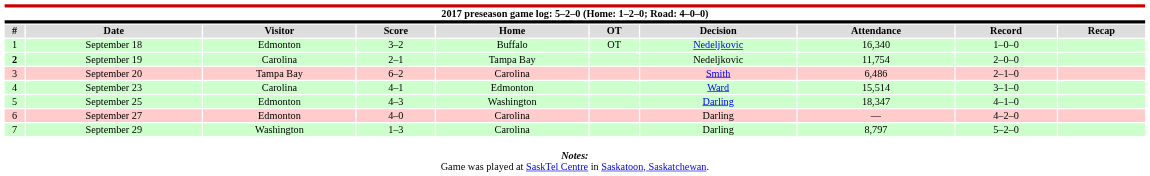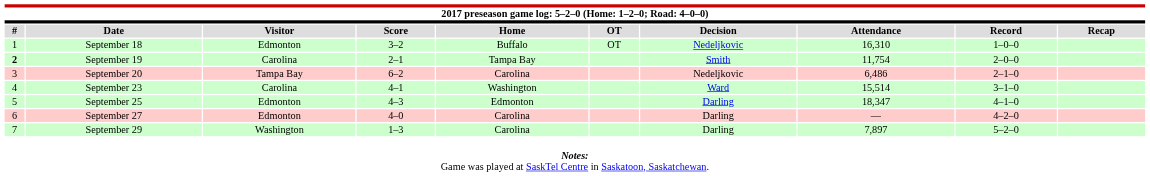 <table class="toccolours collapsible collapsed" style="width:90%; clear:both; margin:1.5em auto; text-align:center;">
 <tr>
 <th colspan=10 style="background:#FFFFFF; border-top:#CC0000 5px solid; border-bottom:#000000 5px solid;">2017 preseason game log: 5–2–0 (Home: 1–2–0; Road: 4–0–0)</th>
 </tr>
 <tr style="background:#ddd;">
 <th>#</th>
 <th>Date</th>
 <th>Visitor</th>
 <th>Score</th>
 <th>Home</th>
 <th>OT</th>
 <th>Decision</th>
 <th>Attendance</th>
 <th>Record</th>
 <th>Recap</th>
 </tr>
 <tr style="background:#cfc;">
 <td>1</td>
 <td>September 18</td>
 <td>Edmonton</td>
 <td>3–2</td>
 <td>Buffalo</td>
 <td>OT</td>
 <td><a href='#'>Nedeljkovic</a></td>
-<td>16,340</td>
+<td>16,310</td>
 <td>1–0–0</td>
 <td></td>
 </tr>
 <tr style="background:#cfc;">
 <td><strong>2</strong></td>
 <td>September 19</td>
 <td>Carolina</td>
 <td>2–1</td>
 <td>Tampa Bay</td>
 <td></td>
-<td>Nedeljkovic</td>
+<td><a href='#'>Smith</a></td>
 <td>11,754</td>
 <td>2–0–0</td>
 <td></td>
 </tr>
 <tr style="background:#fcc;">
 <td>3</td>
 <td>September 20</td>
 <td>Tampa Bay</td>
 <td>6–2</td>
 <td>Carolina</td>
 <td></td>
-<td><a href='#'>Smith</a></td>
+<td>Nedeljkovic</td>
 <td>6,486</td>
 <td>2–1–0</td>
 <td></td>
 </tr>
 <tr style="background:#cfc;">
 <td>4</td>
 <td>September 23</td>
 <td>Carolina</td>
 <td>4–1</td>
-<td>Edmonton</td>
+<td>Washington</td>
 <td></td>
 <td><a href='#'>Ward</a></td>
 <td>15,514</td>
 <td>3–1–0</td>
 <td></td>
 </tr>
 <tr style="background:#cfc;">
 <td>5</td>
 <td>September 25</td>
 <td>Edmonton</td>
 <td>4–3</td>
-<td>Washington</td>
+<td>Edmonton</td>
 <td></td>
 <td><a href='#'>Darling</a></td>
 <td>18,347</td>
 <td>4–1–0</td>
 <td></td>
 </tr>
 <tr style="background:#fcc;">
 <td>6</td>
 <td>September 27</td>
 <td>Edmonton</td>
 <td>4–0</td>
 <td>Carolina</td>
 <td></td>
 <td>Darling</td>
 <td>—</td>
 <td>4–2–0</td>
 <td></td>
 </tr>
 <tr style="background:#cfc;">
 <td>7</td>
 <td>September 29</td>
 <td>Washington</td>
 <td>1–3</td>
 <td>Carolina</td>
 <td></td>
 <td>Darling</td>
-<td>8,797</td>
+<td>7,897</td>
 <td>5–2–0</td>
 <td></td>
 </tr>
 <tr>
 <td colspan="10" style="text-align:center;"><br><strong><em>Notes:</em></strong><br>  Game was played at <a href='#'>SaskTel Centre</a> in <a href='#'>Saskatoon, Saskatchewan</a>.</td>
 </tr>
 </table>
